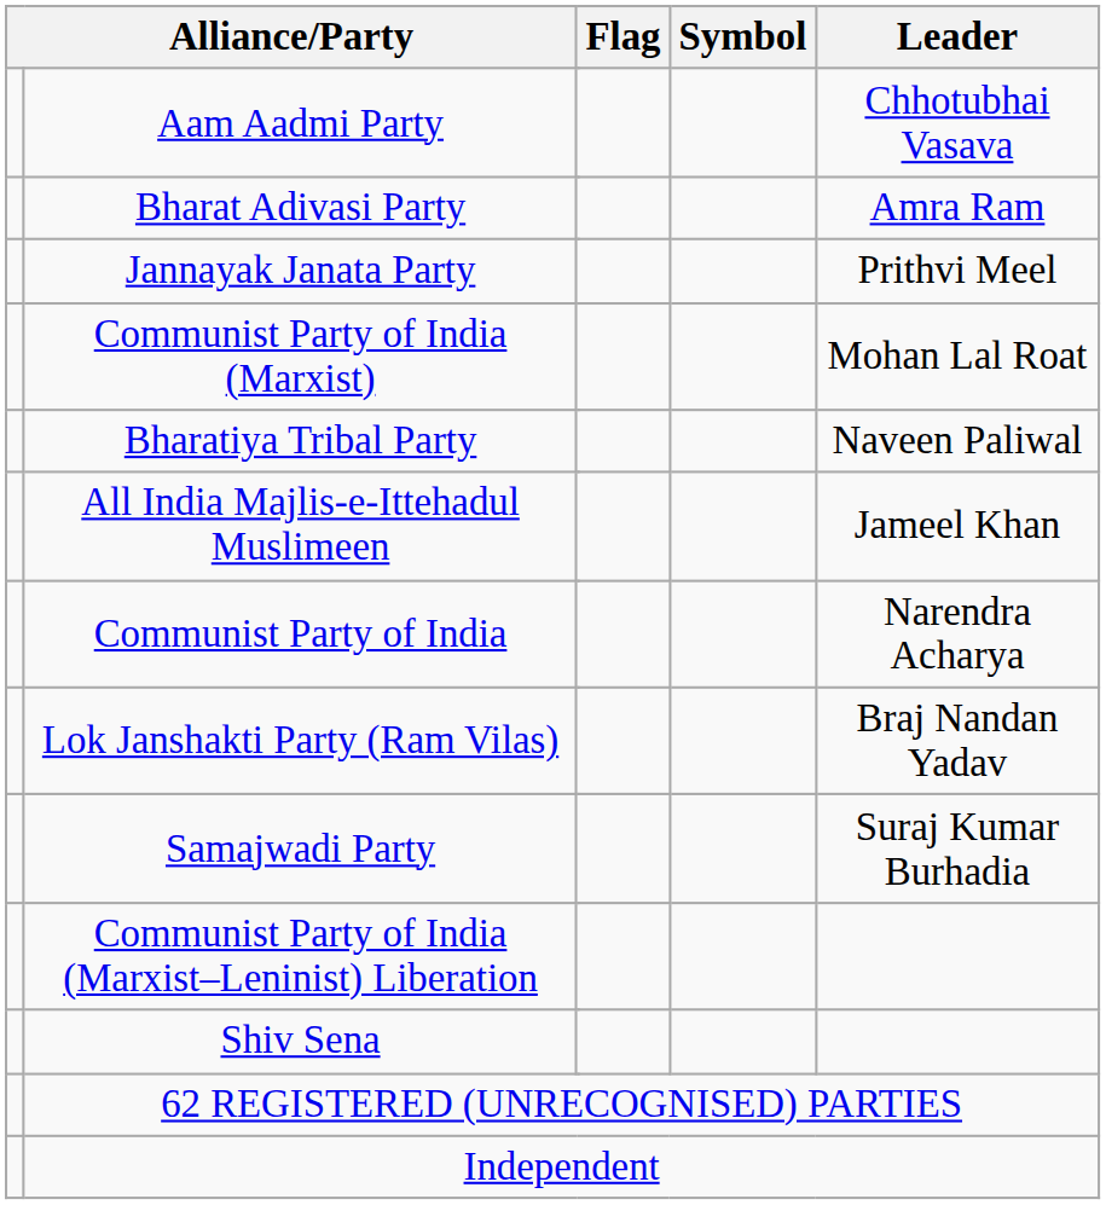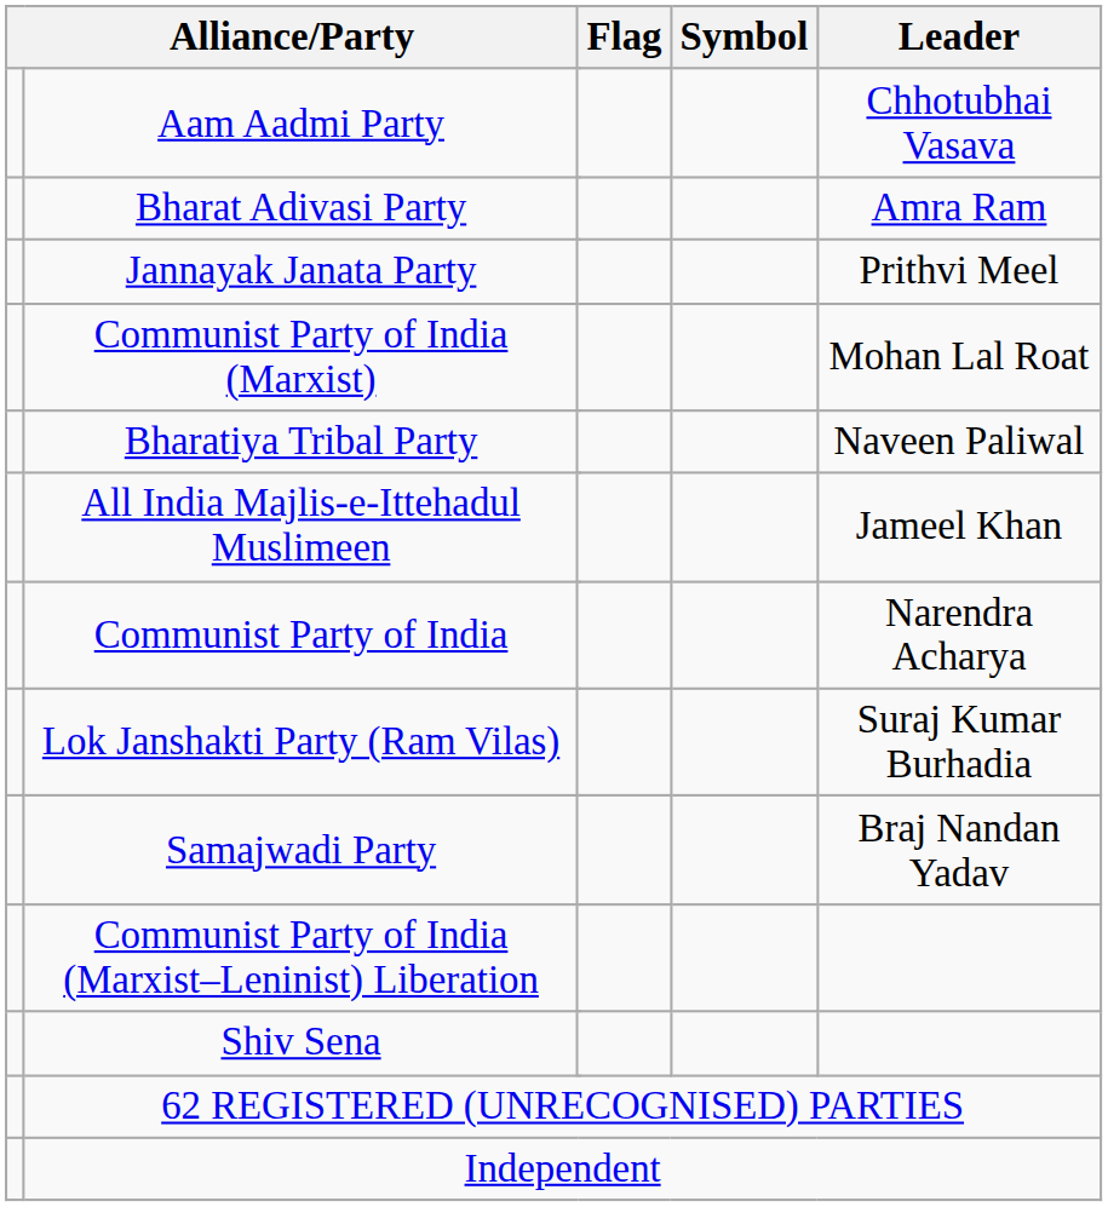 <table class="wikitable" width="50%" style="text-align:center;">
 <tr>
 <th colspan="4">Alliance/Party</th>
 <th>Flag</th>
 <th>Symbol</th>
 <th>Leader</th>
 </tr>
 <tr>
 <td></td>
 <td colspan="3"><a href='#'>Aam Aadmi Party</a></td>
 <td></td>
 <td></td>
 <td><a href='#'>Chhotubhai Vasava</a></td>
 </tr>
 <tr>
 <td></td>
 <td colspan="3"><a href='#'>Bharat Adivasi Party</a></td>
 <td></td>
 <td></td>
 <td><a href='#'>Amra Ram</a></td>
 </tr>
 <tr>
 <td bgcolor=></td>
 <td colspan="3"><a href='#'>Jannayak Janata Party</a></td>
 <td></td>
 <td></td>
 <td>Prithvi Meel</td>
 </tr>
 <tr>
 <td></td>
 <td colspan="3"><a href='#'>Communist Party of India (Marxist)</a></td>
 <td></td>
 <td></td>
 <td>Mohan Lal Roat</td>
 </tr>
 <tr>
 <td></td>
 <td colspan="3"><a href='#'>Bharatiya Tribal Party</a></td>
 <td></td>
 <td></td>
 <td>Naveen Paliwal</td>
 </tr>
 <tr>
 <td></td>
 <td colspan="3"><a href='#'>All India Majlis-e-Ittehadul Muslimeen</a></td>
 <td></td>
 <td></td>
 <td>Jameel Khan</td>
 </tr>
 <tr>
 <td></td>
 <td colspan="3"><a href='#'>Communist Party of India</a></td>
 <td></td>
 <td></td>
 <td>Narendra Acharya</td>
 </tr>
 <tr>
 <td></td>
 <td colspan="3"><a href='#'>Lok Janshakti Party (Ram Vilas)</a></td>
 <td></td>
 <td></td>
-<td>Braj Nandan Yadav</td>
+<td>Suraj Kumar Burhadia</td>
 </tr>
 <tr>
 <td></td>
 <td colspan="3"><a href='#'>Samajwadi Party</a></td>
 <td></td>
 <td></td>
-<td>Suraj Kumar Burhadia</td>
+<td>Braj Nandan Yadav</td>
 </tr>
 <tr>
 <td></td>
 <td colspan="3"><a href='#'>Communist Party of India (Marxist–Leninist) Liberation</a></td>
 <td></td>
 <td></td>
 <td></td>
 </tr>
 <tr>
 <td></td>
 <td colspan="3"><a href='#'>Shiv Sena</a></td>
 <td></td>
 <td></td>
 <td></td>
 </tr>
 <tr>
 <td></td>
 <td colspan="6"><a href='#'>62 REGISTERED (UNRECOGNISED) PARTIES</a></td>
 </tr>
 <tr>
 <td></td>
 <td colspan="6"><a href='#'>Independent</a></td>
 </tr>
 </table>
